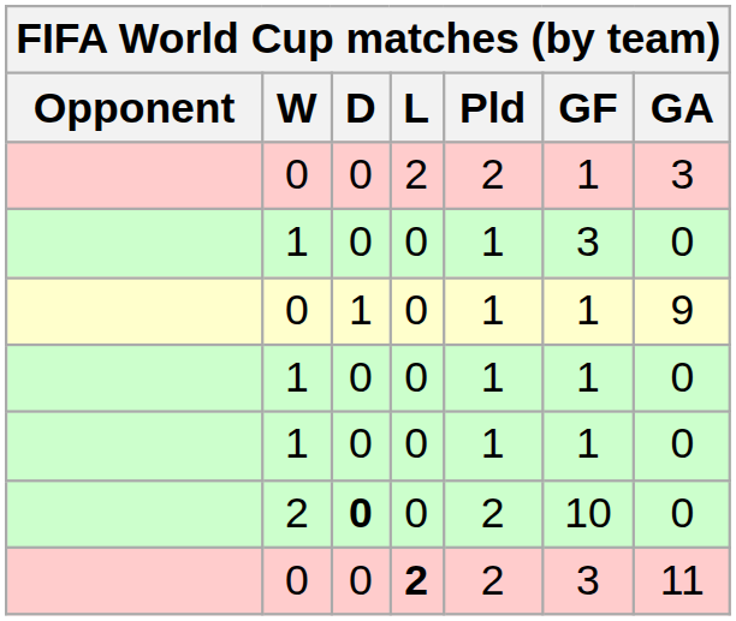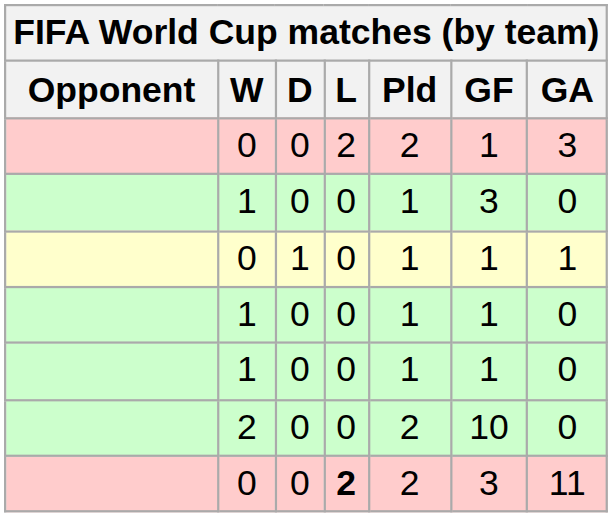 <table class="wikitable sortable" style="text-align: center;">
 <tr>
 <th colspan=7>FIFA World Cup matches (by team)</th>
 </tr>
 <tr>
 <th>Opponent</th>
 <th>W</th>
 <th>D</th>
 <th>L</th>
 <th>Pld</th>
 <th>GF</th>
 <th>GA</th>
 </tr>
 <tr bgcolor=#FFCCCC>
 <td align="left"></td>
 <td>0</td>
 <td>0</td>
 <td>2</td>
 <td>2</td>
 <td>1</td>
 <td>3</td>
 </tr>
 <tr bgcolor=#CCFFCC>
 <td align="left"></td>
 <td>1</td>
 <td>0</td>
 <td>0</td>
 <td>1</td>
 <td>3</td>
 <td>0</td>
 </tr>
 <tr bgcolor=#FFFFCC>
 <td align="left"></td>
 <td>0</td>
 <td>1</td>
 <td>0</td>
 <td>1</td>
 <td>1</td>
-<td>9</td>
+<td>1</td>
 </tr>
 <tr bgcolor=#CCFFCC>
 <td align="left"></td>
 <td>1</td>
 <td>0</td>
 <td>0</td>
 <td>1</td>
 <td>1</td>
 <td>0</td>
 </tr>
 <tr bgcolor=#CCFFCC>
 <td align="left"></td>
 <td>1</td>
 <td>0</td>
 <td>0</td>
 <td>1</td>
 <td>1</td>
 <td>0</td>
 </tr>
 <tr bgcolor=#CCFFCC>
 <td align="left"></td>
 <td>2</td>
-<td><strong>0</strong></td>
+<td>0</td>
 <td>0</td>
 <td>2</td>
 <td>10</td>
 <td>0</td>
 </tr>
 <tr bgcolor=#FFCCCC>
 <td align="left"></td>
 <td>0</td>
 <td>0</td>
 <td><strong>2</strong></td>
 <td>2</td>
 <td>3</td>
 <td>11</td>
 </tr>
 </table>
